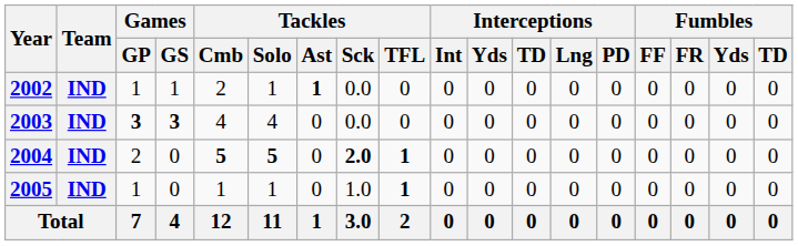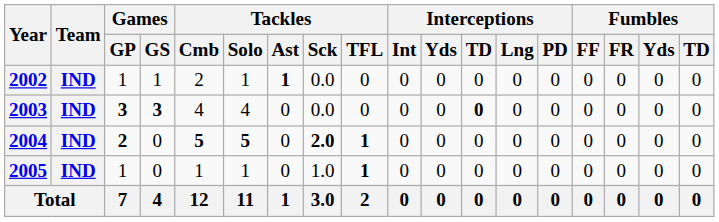 <table class="wikitable" style="text-align:center">
 <tr>
 <th rowspan="2">Year</th>
 <th rowspan="2">Team</th>
 <th colspan="2">Games</th>
 <th colspan="5">Tackles</th>
 <th colspan="5">Interceptions</th>
 <th colspan="4">Fumbles</th>
 </tr>
 <tr>
 <th>GP</th>
 <th>GS</th>
 <th>Cmb</th>
 <th>Solo</th>
 <th>Ast</th>
 <th>Sck</th>
 <th>TFL</th>
 <th>Int</th>
 <th>Yds</th>
 <th>TD</th>
 <th>Lng</th>
 <th>PD</th>
 <th>FF</th>
 <th>FR</th>
 <th>Yds</th>
 <th>TD</th>
 </tr>
 <tr>
 <th><a href='#'>2002</a></th>
 <th><a href='#'>IND</a></th>
 <td>1</td>
 <td>1</td>
 <td>2</td>
 <td>1</td>
 <td><strong>1</strong></td>
 <td>0.0</td>
 <td>0</td>
 <td>0</td>
 <td>0</td>
 <td>0</td>
 <td>0</td>
 <td>0</td>
 <td>0</td>
 <td>0</td>
 <td>0</td>
 <td>0</td>
 </tr>
 <tr>
 <th><a href='#'>2003</a></th>
 <th><a href='#'>IND</a></th>
 <td><strong>3</strong></td>
 <td><strong>3</strong></td>
 <td>4</td>
 <td>4</td>
 <td>0</td>
 <td>0.0</td>
 <td>0</td>
 <td>0</td>
 <td>0</td>
-<td>0</td>
+<td><strong>0</strong></td>
 <td>0</td>
 <td>0</td>
 <td>0</td>
 <td>0</td>
 <td>0</td>
 <td>0</td>
 </tr>
 <tr>
 <th><a href='#'>2004</a></th>
 <th><a href='#'>IND</a></th>
-<td>2</td>
+<td><strong>2</strong></td>
 <td>0</td>
 <td><strong>5</strong></td>
 <td><strong>5</strong></td>
 <td>0</td>
 <td><strong>2.0</strong></td>
 <td><strong>1</strong></td>
 <td>0</td>
 <td>0</td>
 <td>0</td>
 <td>0</td>
 <td>0</td>
 <td>0</td>
 <td>0</td>
 <td>0</td>
 <td>0</td>
 </tr>
 <tr>
 <th><a href='#'>2005</a></th>
 <th><a href='#'>IND</a></th>
 <td>1</td>
 <td>0</td>
 <td>1</td>
 <td>1</td>
 <td>0</td>
 <td>1.0</td>
 <td><strong>1</strong></td>
 <td>0</td>
 <td>0</td>
 <td>0</td>
 <td>0</td>
 <td>0</td>
 <td>0</td>
 <td>0</td>
 <td>0</td>
 <td>0</td>
 </tr>
 <tr>
 <th colspan="2">Total</th>
 <th>7</th>
 <th>4</th>
 <th>12</th>
 <th>11</th>
 <th>1</th>
 <th>3.0</th>
 <th>2</th>
 <th>0</th>
 <th>0</th>
 <th>0</th>
 <th>0</th>
 <th>0</th>
 <th>0</th>
 <th>0</th>
 <th>0</th>
 <th>0</th>
 </tr>
 </table>
